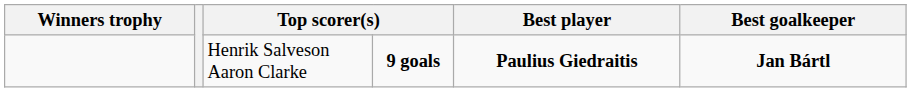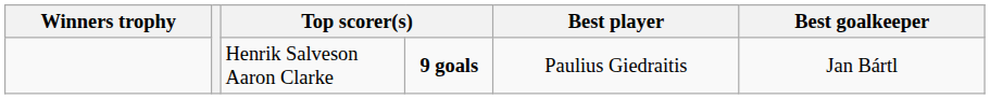 <table class="wikitable" style="text-align: center; font-size: 95%;">
 <tr>
 <th width=150>Winners trophy</th>
 <th rowspan=2></th>
 <th width=200 colspan=2>Top scorer(s)</th>
 <th width=180>Best player</th>
 <th width=180>Best goalkeeper</th>
 </tr>
 <tr align=center style="background:">
 <td style="text-align:center;"></td>
 <td style="text-align:left;"> Henrik Salveson<br> Aaron Clarke</td>
 <td><strong>9 goals</strong></td>
-<td><strong> Paulius Giedraitis</strong></td>
-<td><strong> Jan Bártl</strong></td>
+<td> Paulius Giedraitis</td>
+<td> Jan Bártl</td>
 </tr>
 </table>
